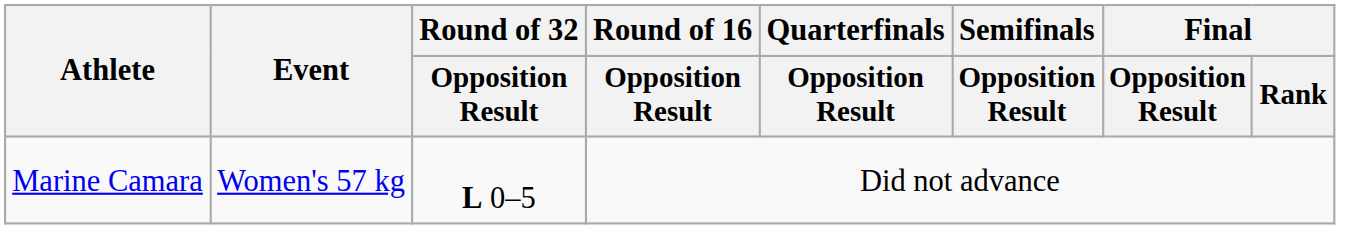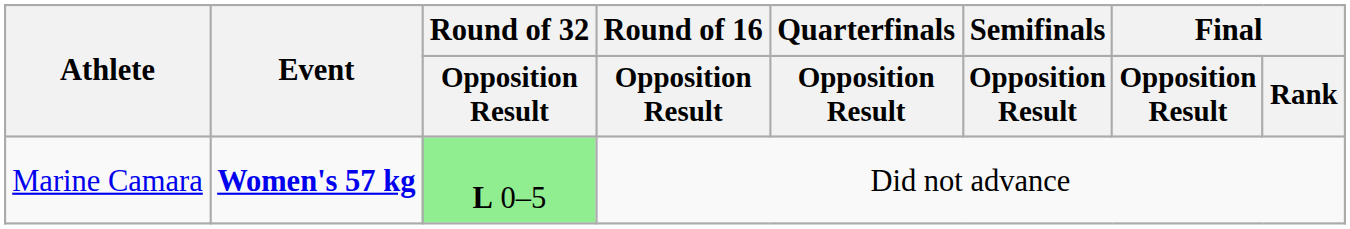 <table class="wikitable" style="font-size:90%">
 <tr>
 <th rowspan="2">Athlete</th>
 <th rowspan="2">Event</th>
 <th>Round of 32</th>
 <th>Round of 16</th>
 <th>Quarterfinals</th>
 <th>Semifinals</th>
 <th colspan=2>Final</th>
 </tr>
 <tr style="font-size:95%">
 <th>Opposition<br>Result</th>
 <th>Opposition<br>Result</th>
 <th>Opposition<br>Result</th>
 <th>Opposition<br>Result</th>
 <th>Opposition<br>Result</th>
 <th>Rank</th>
 </tr>
 <tr align=center>
 <td align=left><a href='#'>Marine Camara</a></td>
-<td align=left><a href='#'>Women's 57 kg</a></td>
-<td><br><strong>L</strong> 0–5</td>
+<td align=left><strong><a href='#'>Women's 57 kg</a></strong></td>
+<td style="background: lightgreen;"><br><strong>L</strong> 0–5</td>
 <td colspan="5">Did not advance</td>
 </tr>
 </table>
